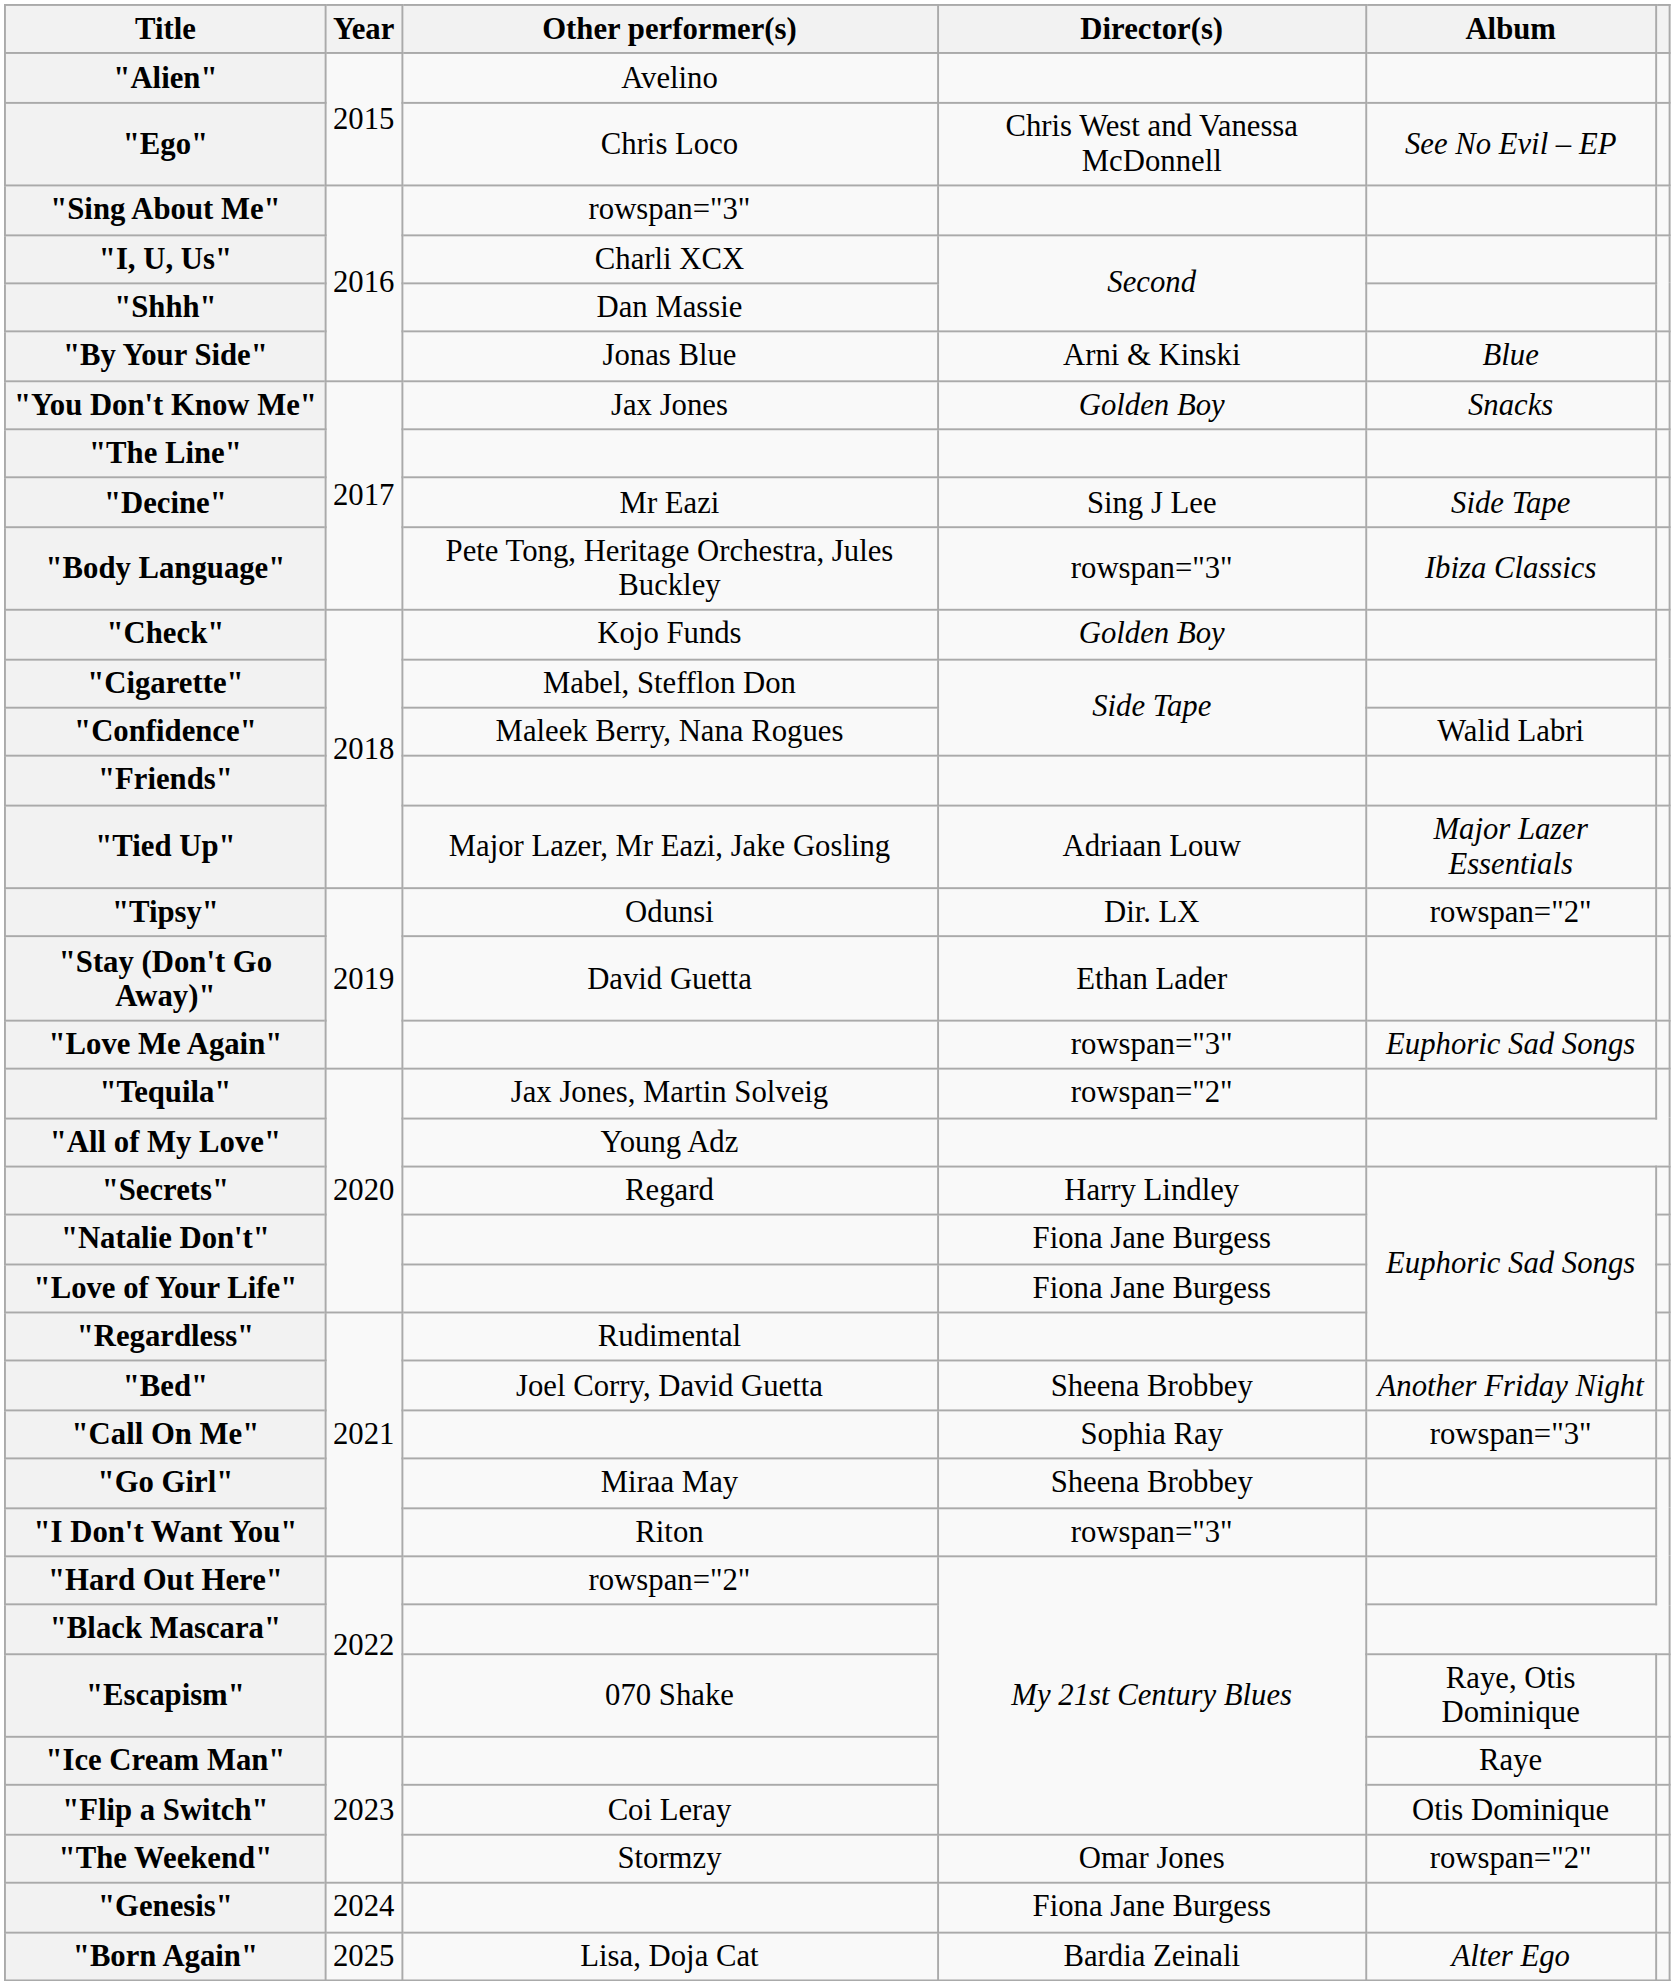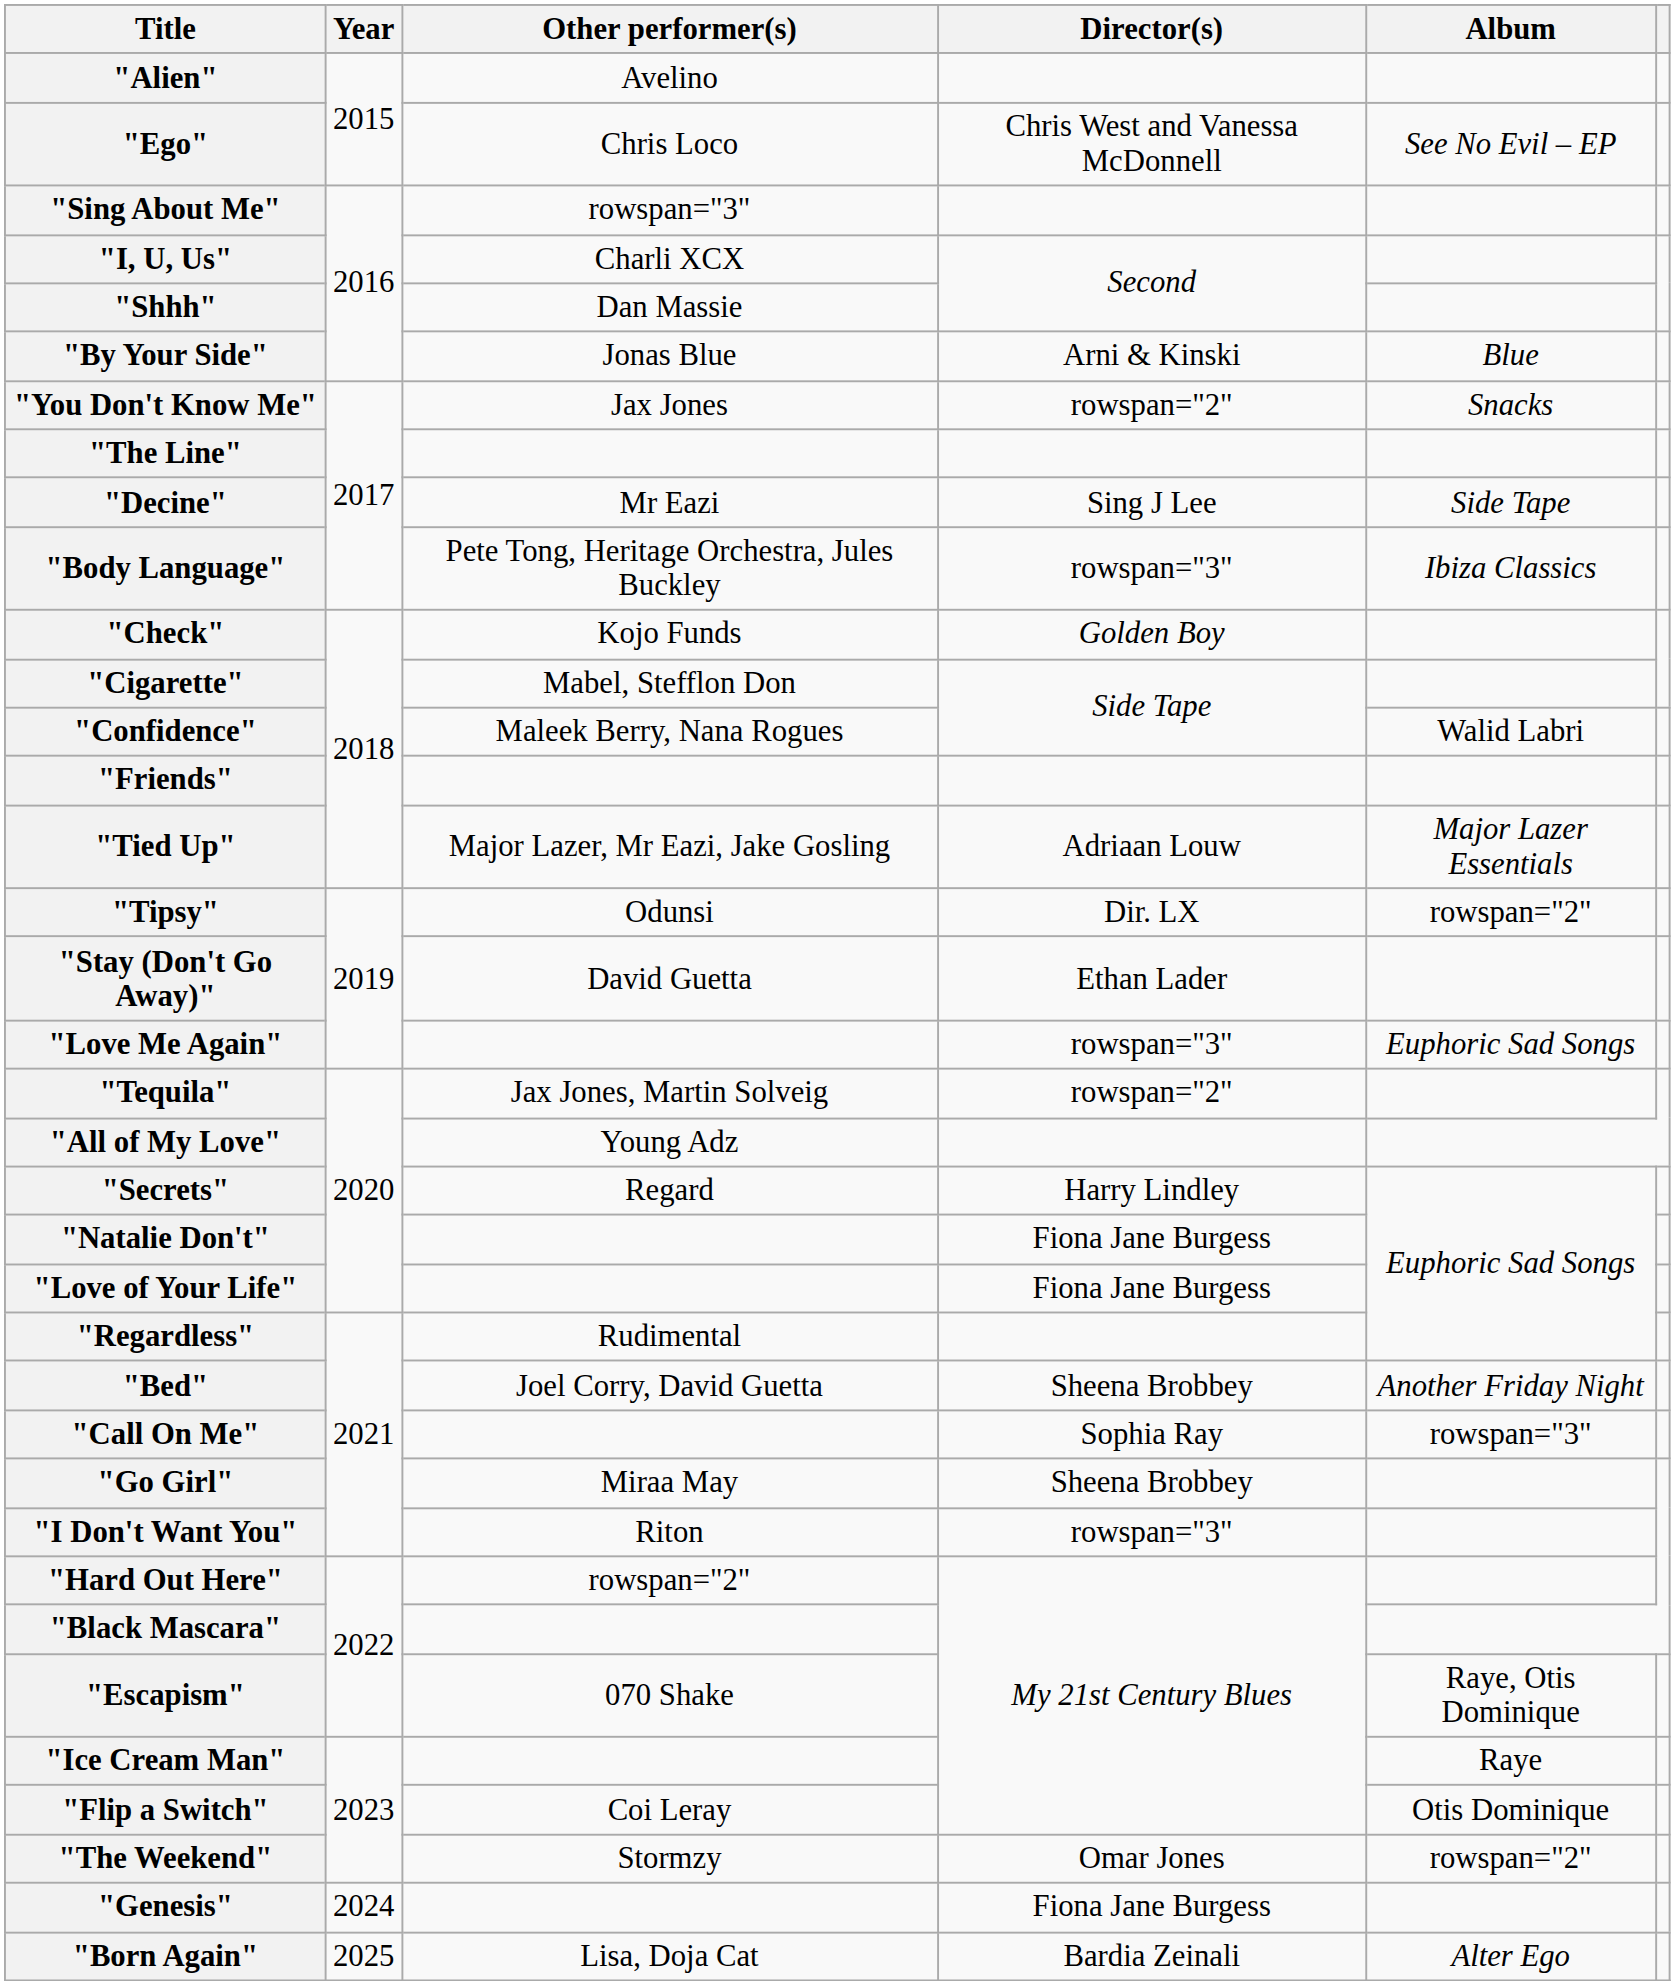 <table class="wikitable plainrowheaders" style="text-align: center;">
 <tr>
 <th scope="col">Title</th>
 <th scope="col">Year</th>
 <th scope="col">Other performer(s)</th>
 <th scope="col">Director(s)</th>
 <th scope="col">Album</th>
 <th scope="col"></th>
 </tr>
 <tr>
 <th scope="row">"Alien"</th>
 <td rowspan="2">2015</td>
 <td>Avelino</td>
 <td></td>
 <td></td>
 <td></td>
 </tr>
 <tr>
 <th scope="row">"Ego"</th>
 <td>Chris Loco</td>
 <td>Chris West and Vanessa McDonnell</td>
 <td><em>See No Evil – EP</em></td>
 <td></td>
 </tr>
 <tr>
 <th scope="row">"Sing About Me"</th>
 <td rowspan="4">2016</td>
 <td>rowspan="3" </td>
 <td></td>
 <td></td>
 <td></td>
 </tr>
 <tr>
 <th scope="row">"I, U, Us"</th>
 <td>Charli XCX</td>
 <td rowspan="2"><em>Second</em></td>
 <td></td>
 </tr>
 <tr>
 <th scope="row">"Shhh"</th>
 <td>Dan Massie</td>
 <td></td>
 </tr>
 <tr>
 <th scope="row">"By Your Side"</th>
 <td>Jonas Blue</td>
 <td>Arni & Kinski</td>
 <td><em>Blue</em></td>
 <td></td>
 </tr>
 <tr>
 <th scope="row">"You Don't Know Me"</th>
 <td rowspan="4">2017</td>
 <td>Jax Jones</td>
-<td><em>Golden Boy</em></td>
+<td>rowspan="2" </td>
 <td><em>Snacks</em></td>
 <td></td>
 </tr>
 <tr>
 <th scope="row">"The Line"</th>
 <td></td>
 <td></td>
 <td></td>
 </tr>
 <tr>
 <th scope="row">"Decine"</th>
 <td>Mr Eazi</td>
 <td>Sing J Lee</td>
 <td><em>Side Tape</em></td>
 <td></td>
 </tr>
 <tr>
 <th scope="row">"Body Language"</th>
 <td>Pete Tong, Heritage Orchestra, Jules Buckley</td>
 <td>rowspan="3" </td>
 <td><em>Ibiza Classics</em></td>
 <td></td>
 </tr>
 <tr>
 <th scope="row">"Check"</th>
 <td rowspan="5">2018</td>
 <td>Kojo Funds</td>
 <td><em>Golden Boy</em></td>
 <td></td>
 </tr>
 <tr>
 <th scope="row">"Cigarette"</th>
 <td>Mabel, Stefflon Don</td>
 <td rowspan="2"><em>Side Tape</em></td>
 <td></td>
 </tr>
 <tr>
 <th scope="row">"Confidence"</th>
 <td>Maleek Berry, Nana Rogues</td>
 <td>Walid Labri</td>
 <td></td>
 </tr>
 <tr>
 <th scope="row">"Friends"</th>
 <td></td>
 <td></td>
 <td></td>
 <td></td>
 </tr>
 <tr>
 <th scope="row">"Tied Up"</th>
 <td>Major Lazer, Mr Eazi, Jake Gosling</td>
 <td>Adriaan Louw</td>
 <td><em>Major Lazer Essentials</em></td>
 <td></td>
 </tr>
 <tr>
 <th scope="row">"Tipsy"</th>
 <td rowspan="3">2019</td>
 <td>Odunsi</td>
 <td>Dir. LX</td>
 <td>rowspan="2" </td>
 <td></td>
 </tr>
 <tr>
 <th scope="row">"Stay (Don't Go Away)"</th>
 <td>David Guetta</td>
 <td>Ethan Lader</td>
 <td></td>
 </tr>
 <tr>
 <th scope="row">"Love Me Again"</th>
 <td></td>
 <td>rowspan="3" </td>
 <td><em>Euphoric Sad Songs</em></td>
 <td></td>
 </tr>
 <tr>
 <th scope="row">"Tequila"</th>
 <td rowspan="5">2020</td>
 <td>Jax Jones, Martin Solveig</td>
 <td>rowspan="2" </td>
 <td></td>
 </tr>
 <tr>
 <th scope="row">"All of My Love"</th>
 <td>Young Adz</td>
 <td></td>
 </tr>
 <tr>
 <th scope="row">"Secrets"</th>
 <td>Regard</td>
 <td>Harry Lindley</td>
 <td rowspan="4"><em>Euphoric Sad Songs</em></td>
 <td></td>
 </tr>
 <tr>
 <th scope="row">"Natalie Don't"</th>
 <td></td>
 <td>Fiona Jane Burgess</td>
 <td></td>
 </tr>
 <tr>
 <th scope="row">"Love of Your Life"</th>
 <td></td>
 <td>Fiona Jane Burgess</td>
 <td></td>
 </tr>
 <tr>
 <th scope="row">"Regardless"</th>
 <td rowspan="5">2021</td>
 <td>Rudimental</td>
 <td></td>
 <td></td>
 </tr>
 <tr>
 <th scope="row">"Bed"</th>
 <td>Joel Corry, David Guetta</td>
 <td>Sheena Brobbey</td>
 <td><em>Another Friday Night</em></td>
 <td></td>
 </tr>
 <tr>
 <th scope="row">"Call On Me"</th>
 <td></td>
 <td>Sophia Ray</td>
 <td>rowspan="3" </td>
 <td></td>
 </tr>
 <tr>
 <th scope="row">"Go Girl"</th>
 <td>Miraa May</td>
 <td>Sheena Brobbey</td>
 <td></td>
 </tr>
 <tr>
 <th scope="row">"I Don't Want You"</th>
 <td>Riton</td>
 <td>rowspan="3" </td>
 <td></td>
 </tr>
 <tr>
 <th scope="row">"Hard Out Here"</th>
 <td rowspan="3">2022</td>
 <td>rowspan="2" </td>
 <td rowspan="5"><em>My 21st Century Blues</em></td>
 <td></td>
 </tr>
 <tr>
 <th scope="row">"Black Mascara"</th>
 <td></td>
 </tr>
 <tr>
 <th scope="row">"Escapism"</th>
 <td>070 Shake</td>
 <td>Raye, Otis Dominique</td>
 <td></td>
 </tr>
 <tr>
 <th scope="row">"Ice Cream Man"</th>
 <td rowspan="3">2023</td>
 <td></td>
 <td>Raye</td>
 <td></td>
 </tr>
 <tr>
 <th scope="row">"Flip a Switch"</th>
 <td>Coi Leray</td>
 <td>Otis Dominique</td>
 <td></td>
 </tr>
 <tr>
 <th scope="row">"The Weekend"</th>
 <td>Stormzy</td>
 <td>Omar Jones</td>
 <td>rowspan="2" </td>
 <td></td>
 </tr>
 <tr>
 <th scope="row">"Genesis"</th>
 <td>2024</td>
 <td></td>
 <td>Fiona Jane Burgess</td>
 <td></td>
 </tr>
 <tr>
 <th scope="row">"Born Again"</th>
 <td>2025</td>
 <td>Lisa, Doja Cat</td>
 <td>Bardia Zeinali</td>
 <td><em>Alter Ego</em></td>
 <td></td>
 </tr>
 <tr>
 </tr>
 </table>
